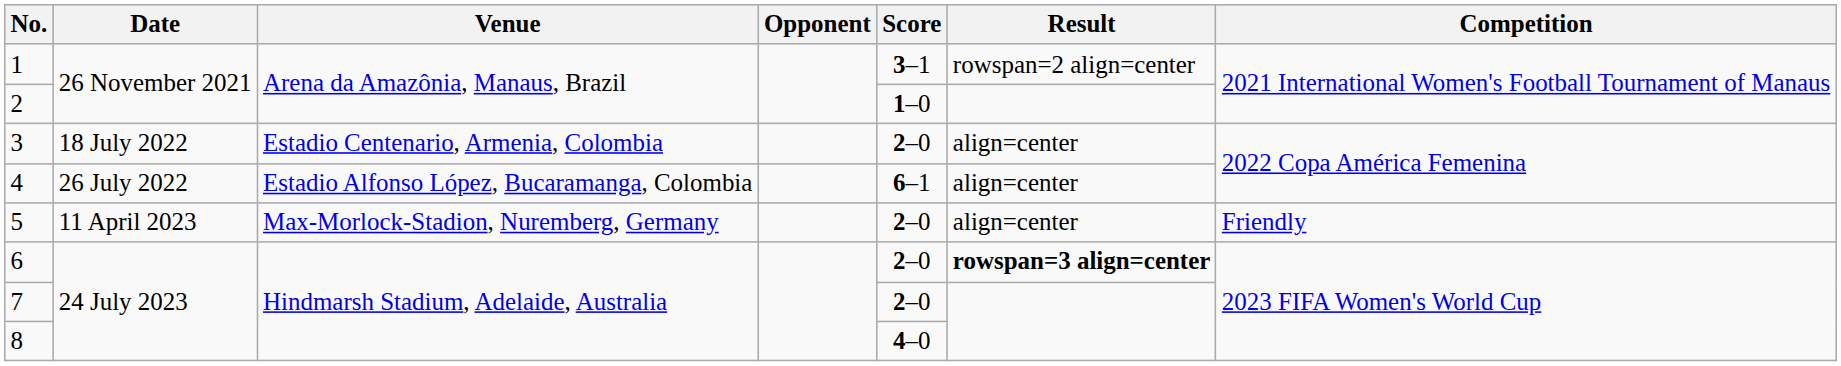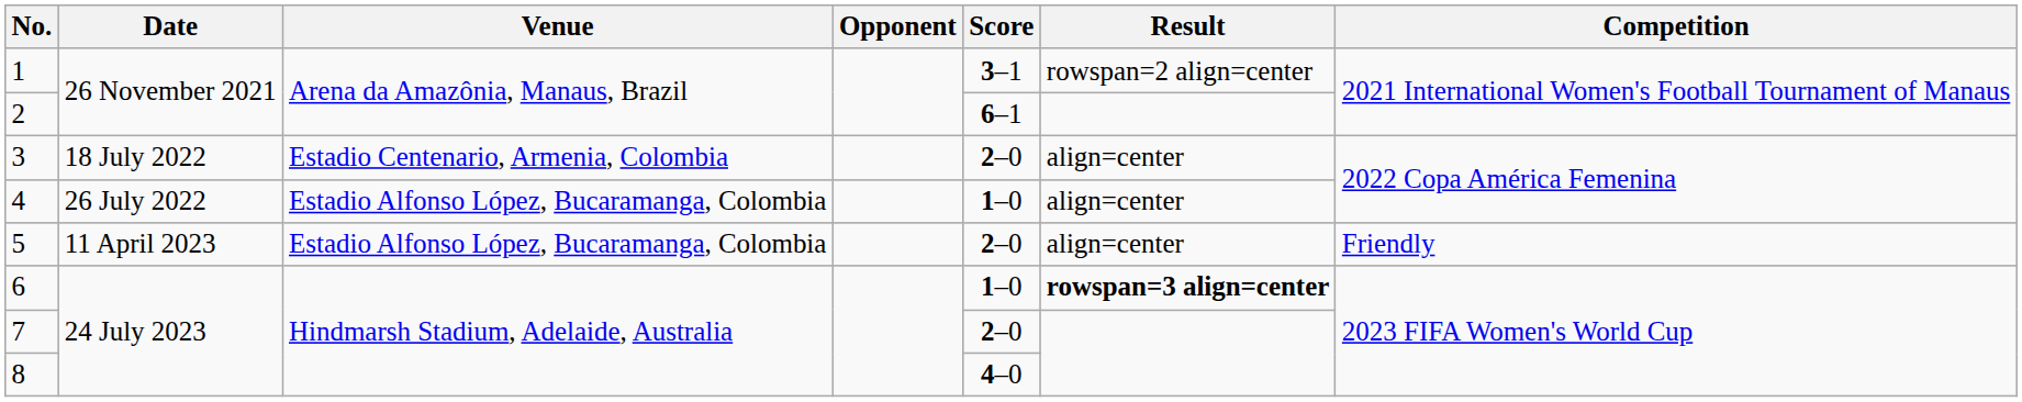 <table class="wikitable">
 <tr>
 <th>No.</th>
 <th>Date</th>
 <th>Venue</th>
 <th>Opponent</th>
 <th>Score</th>
 <th>Result</th>
 <th>Competition</th>
 </tr>
 <tr>
 <td>1</td>
 <td rowspan=2>26 November 2021</td>
 <td rowspan=2><a href='#'>Arena da Amazônia</a>, <a href='#'>Manaus</a>, Brazil</td>
 <td rowspan=2></td>
 <td align=center><strong>3</strong>–1</td>
 <td>rowspan=2 align=center </td>
 <td rowspan=2><a href='#'>2021 International Women's Football Tournament of Manaus</a></td>
 </tr>
 <tr>
 <td>2</td>
-<td align=center><strong>1</strong>–0</td>
+<td align=center><strong>6</strong>–1</td>
 </tr>
 <tr>
 <td>3</td>
 <td>18 July 2022</td>
 <td><a href='#'>Estadio Centenario</a>, <a href='#'>Armenia</a>, <a href='#'>Colombia</a></td>
 <td></td>
 <td align=center><strong>2</strong>–0</td>
 <td>align=center </td>
 <td rowspan=2><a href='#'>2022 Copa América Femenina</a></td>
 </tr>
 <tr>
 <td>4</td>
 <td>26 July 2022</td>
 <td><a href='#'>Estadio Alfonso López</a>, <a href='#'>Bucaramanga</a>, Colombia</td>
 <td></td>
-<td align=center><strong>6</strong>–1</td>
+<td align=center><strong>1</strong>–0</td>
 <td>align=center </td>
 </tr>
 <tr>
 <td>5</td>
 <td>11 April 2023</td>
-<td><a href='#'>Max-Morlock-Stadion</a>, <a href='#'>Nuremberg</a>, <a href='#'>Germany</a></td>
+<td><a href='#'>Estadio Alfonso López</a>, <a href='#'>Bucaramanga</a>, Colombia</td>
 <td></td>
 <td align=center><strong>2</strong>–0</td>
 <td>align=center </td>
 <td><a href='#'>Friendly</a></td>
 </tr>
 <tr>
 <td>6</td>
 <td rowspan=3>24 July 2023</td>
 <td rowspan=3><a href='#'>Hindmarsh Stadium</a>, <a href='#'>Adelaide</a>, <a href='#'>Australia</a></td>
 <td rowspan=3></td>
-<td align=center><strong>2</strong>–0</td>
+<td align=center><strong>1</strong>–0</td>
 <td><strong>rowspan=3 align=center </strong></td>
 <td rowspan=3><a href='#'>2023 FIFA Women's World Cup</a></td>
 </tr>
 <tr>
 <td>7</td>
 <td align=center><strong>2</strong>–0</td>
 </tr>
 <tr>
 <td>8</td>
 <td align=center><strong>4</strong>–0</td>
 </tr>
 </table>
